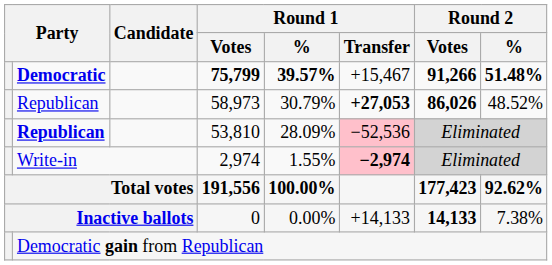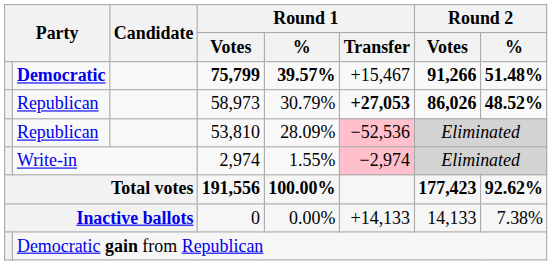 <table class="wikitable sortable" style="text-align:right">
 <tr>
 <th colspan="2" rowspan="2">Party</th>
 <th rowspan="2">Candidate</th>
 <th colspan="3">Round 1</th>
 <th colspan="2">Round 2</th>
 </tr>
 <tr>
 <th>Votes</th>
 <th>%</th>
 <th>Transfer</th>
 <th>Votes</th>
 <th>%</th>
 </tr>
 <tr>
 <th style="background-color:"></th>
 <td style="text-align:left"><strong><a href='#'>Democratic</a></strong></td>
 <td style="text-align:left" scope="row"><strong></strong></td>
 <td><strong>75,799</strong></td>
 <td><strong>39.57%</strong></td>
 <td>+15,467</td>
 <td><strong>91,266</strong></td>
 <td><strong>51.48%</strong></td>
 </tr>
 <tr>
 <th style="background-color:"></th>
 <td style="text-align:left"><a href='#'>Republican</a></td>
 <td style="text-align:left" scope="row"></td>
 <td>58,973</td>
 <td>30.79%</td>
 <td><strong>+27,053</strong></td>
 <td><strong>86,026</strong></td>
-<td>48.52%</td>
+<td><strong>48.52%</strong></td>
 </tr>
 <tr>
 <th style="background-color:"></th>
-<td style="text-align:left"><strong><a href='#'>Republican</a></strong></td>
+<td style="text-align:left"><a href='#'>Republican</a></td>
 <td style="text-align:left" scope="row"></td>
 <td>53,810</td>
 <td>28.09%</td>
 <td style="background:pink;">−52,536</td>
 <td colspan="2" style="background:lightgrey; text-align:center;"><em>Eliminated</em></td>
 </tr>
 <tr>
 <th style="background-color:"></th>
 <td colspan="2" style="text-align:left"><a href='#'>Write-in</a></td>
 <td>2,974</td>
 <td>1.55%</td>
-<td style="background:pink;"><strong>−2,974</strong></td>
+<td style="background:pink;">−2,974</td>
 <td colspan="2" style="background:lightgrey; text-align:center;"><em>Eliminated</em></td>
 </tr>
 <tr class="sortbottom" style="background:#f6f6f6;">
 <th colspan="3" scope="row" style="text-align:right;">Total votes</th>
 <td><strong>191,556</strong></td>
 <td><strong>100.00%</strong></td>
 <td></td>
 <td><strong>177,423</strong></td>
 <td><strong>92.62%</strong></td>
 </tr>
 <tr class="sortbottom" style="background:#f6f6f6;">
 <th colspan="3" scope="row" style="text-align:right;"><a href='#'>Inactive ballots</a></th>
 <td>0</td>
 <td>0.00%</td>
 <td>+14,133</td>
-<td><strong>14,133</strong></td>
+<td>14,133</td>
 <td>7.38%</td>
 </tr>
 <tr class="sortbottom" style="background:#f6f6f6;">
 <th style="background-color:"></th>
 <td colspan="8" style="text-align:left"><a href='#'>Democratic</a> <strong>gain</strong> from <a href='#'>Republican</a></td>
 </tr>
 </table>
